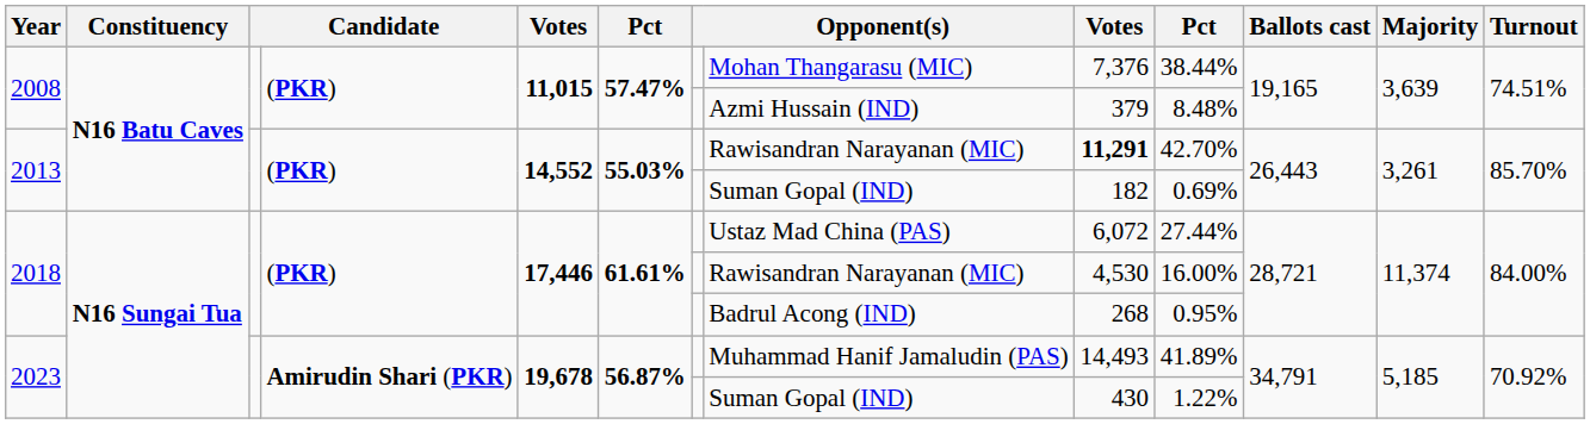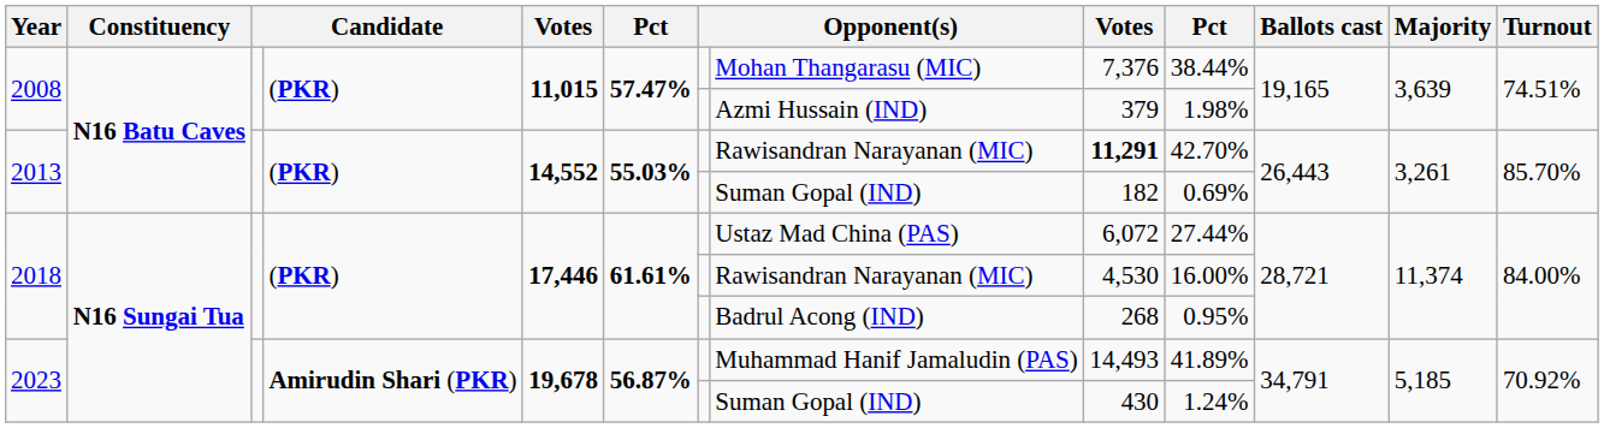 <table class="wikitable" style="margin:0.5em ; font-size:95%">
 <tr>
 <th>Year</th>
 <th>Constituency</th>
 <th colspan=2>Candidate</th>
 <th>Votes</th>
 <th>Pct</th>
 <th colspan=2>Opponent(s)</th>
 <th>Votes</th>
 <th>Pct</th>
 <th>Ballots cast</th>
 <th>Majority</th>
 <th>Turnout</th>
 </tr>
 <tr>
 <td rowspan=2><a href='#'>2008</a></td>
 <td rowspan=4><strong>N16 <a href='#'>Batu Caves</a></strong></td>
 <td rowspan=2 ></td>
 <td rowspan=2> (<a href='#'><strong>PKR</strong></a>)</td>
 <td rowspan=2 align="right"><strong>11,015</strong></td>
 <td rowspan=2><strong>57.47%</strong></td>
 <td></td>
 <td><a href='#'>Mohan Thangarasu</a> (<a href='#'>MIC</a>)</td>
 <td align="right">7,376</td>
 <td>38.44%</td>
 <td rowspan=2>19,165</td>
 <td rowspan=2>3,639</td>
 <td rowspan=2>74.51%</td>
 </tr>
 <tr>
 <td></td>
 <td>Azmi Hussain (<a href='#'>IND</a>)</td>
 <td align="right">379</td>
-<td align=right>8.48%</td>
+<td align=right>1.98%</td>
 </tr>
 <tr>
 <td rowspan="2"><a href='#'>2013</a></td>
 <td rowspan="2" ></td>
 <td rowspan="2"> (<a href='#'><strong>PKR</strong></a>)</td>
 <td rowspan="2" align="right"><strong>14,552</strong></td>
 <td rowspan="2"><strong>55.03%</strong></td>
 <td></td>
 <td>Rawisandran Narayanan (<a href='#'>MIC</a>)</td>
 <td align="right"><strong>11,291</strong></td>
 <td>42.70%</td>
 <td rowspan="2">26,443</td>
 <td rowspan="2">3,261</td>
 <td rowspan="2">85.70%</td>
 </tr>
 <tr>
 <td></td>
 <td>Suman Gopal (<a href='#'>IND</a>)</td>
 <td align="right">182</td>
 <td align=right>0.69%</td>
 </tr>
 <tr>
 <td rowspan="3"><a href='#'>2018</a></td>
 <td rowspan=5><strong>N16 <a href='#'>Sungai Tua</a></strong></td>
 <td rowspan="3" ></td>
 <td rowspan="3"> (<a href='#'><strong>PKR</strong></a>)</td>
 <td rowspan="3" align="right"><strong>17,446</strong></td>
 <td rowspan="3"><strong>61.61%</strong></td>
 <td></td>
 <td>Ustaz Mad China (<a href='#'>PAS</a>)</td>
 <td align="right">6,072</td>
 <td>27.44%</td>
 <td rowspan="3">28,721</td>
 <td rowspan="3">11,374</td>
 <td rowspan="3">84.00%</td>
 </tr>
 <tr>
 <td></td>
 <td>Rawisandran Narayanan (<a href='#'>MIC</a>)</td>
 <td align="right">4,530</td>
 <td>16.00%</td>
 </tr>
 <tr>
 <td></td>
 <td>Badrul Acong (<a href='#'>IND</a>)</td>
 <td align="right">268</td>
 <td align=right>0.95%</td>
 </tr>
 <tr>
 <td rowspan=2><a href='#'>2023</a></td>
 <td rowspan=2 ></td>
 <td rowspan=2><strong>Amirudin Shari</strong> (<a href='#'><strong>PKR</strong></a>)</td>
 <td rowspan=2 align=right><strong>19,678</strong></td>
 <td rowspan=2><strong>56.87%</strong></td>
 <td bgcolor=></td>
 <td>Muhammad Hanif Jamaludin (<a href='#'>PAS</a>)</td>
 <td align=right>14,493</td>
 <td>41.89%</td>
 <td rowspan=2>34,791</td>
 <td rowspan=2>5,185</td>
 <td rowspan=2>70.92%</td>
 </tr>
 <tr>
 <td></td>
 <td>Suman Gopal (<a href='#'>IND</a>)</td>
 <td align=right>430</td>
-<td align=right>1.22%</td>
+<td align=right>1.24%</td>
 </tr>
 </table>
